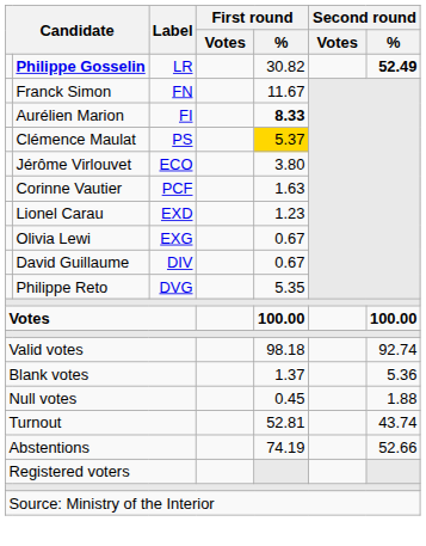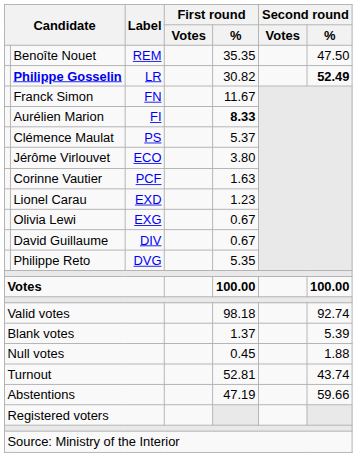 <table class="wikitable" style="text-align:right;font-size:95%;">
 <tr>
 <th rowspan="2" colspan="2">Candidate</th>
 <th rowspan="2">Label</th>
 <th colspan="2">First round</th>
 <th colspan="2">Second round</th>
 </tr>
 <tr>
 <th style="width:50px;">Votes</th>
 <th style="width:45px;">%</th>
 <th style="width:50px;">Votes</th>
 <th style="width:45px;">%</th>
+</tr>
+<tr>
+<td style="color:inherit;background:"></td>
+<td style="text-align:left;">Benoîte Nouet</td>
+<td><a href='#'>REM</a></td>
+<td></td>
+<td>35.35</td>
+<td></td>
+<td>47.50</td>
 </tr>
 <tr>
 <td style="color:inherit;background:"></td>
 <td style="text-align:left;"><strong><a href='#'>Philippe Gosselin</a></strong></td>
 <td><a href='#'>LR</a></td>
 <td></td>
 <td>30.82</td>
 <td><strong></strong></td>
 <td><strong>52.49</strong></td>
 </tr>
 <tr>
 <td style="color:inherit;background:"></td>
 <td style="text-align:left;">Franck Simon</td>
 <td><a href='#'>FN</a></td>
 <td></td>
 <td>11.67</td>
 <td colspan="2" rowspan="9" style="background:#E9E9E9;"></td>
 </tr>
 <tr>
 <td style="color:inherit;background:"></td>
 <td style="text-align:left;">Aurélien Marion</td>
 <td><a href='#'>FI</a></td>
 <td></td>
 <td><strong>8.33</strong></td>
 </tr>
 <tr>
 <td style="color:inherit;background:"></td>
 <td style="text-align:left;">Clémence Maulat</td>
 <td><a href='#'>PS</a></td>
 <td></td>
-<td style="background: gold;">5.37</td>
+<td>5.37</td>
 </tr>
 <tr>
 <td style="color:inherit;background:"></td>
 <td style="text-align:left;">Jérôme Virlouvet</td>
 <td><a href='#'>ECO</a></td>
 <td></td>
 <td>3.80</td>
 </tr>
 <tr>
 <td style="color:inherit;background:"></td>
 <td style="text-align:left;">Corinne Vautier</td>
 <td><a href='#'>PCF</a></td>
 <td></td>
 <td>1.63</td>
 </tr>
 <tr>
 <td style="color:inherit;background:"></td>
 <td style="text-align:left;">Lionel Carau</td>
 <td><a href='#'>EXD</a></td>
 <td></td>
 <td>1.23</td>
 </tr>
 <tr>
 <td style="color:inherit;background:"></td>
 <td style="text-align:left;">Olivia Lewi</td>
 <td><a href='#'>EXG</a></td>
 <td></td>
 <td>0.67</td>
 </tr>
 <tr>
 <td style="color:inherit;background:"></td>
 <td style="text-align:left;">David Guillaume</td>
 <td><a href='#'>DIV</a></td>
 <td></td>
 <td>0.67</td>
 </tr>
 <tr>
 <td style="color:inherit;background:"></td>
 <td style="text-align:left;">Philippe Reto</td>
 <td><a href='#'>DVG</a></td>
 <td></td>
 <td>5.35</td>
 </tr>
 <tr>
 <td colspan="7" style="background:#E9E9E9;"></td>
 </tr>
 <tr style="font-weight:bold;">
 <td colspan="3" style="text-align:left;">Votes</td>
 <td></td>
 <td>100.00</td>
 <td></td>
 <td>100.00</td>
 </tr>
 <tr>
 <td colspan="7" style="background:#E9E9E9;"></td>
 </tr>
 <tr>
 <td colspan="3" style="text-align:left;">Valid votes</td>
 <td></td>
 <td>98.18</td>
 <td></td>
 <td>92.74</td>
 </tr>
 <tr>
 <td colspan="3" style="text-align:left;">Blank votes</td>
 <td></td>
 <td>1.37</td>
 <td></td>
-<td>5.36</td>
+<td>5.39</td>
 </tr>
 <tr>
 <td colspan="3" style="text-align:left;">Null votes</td>
 <td></td>
 <td>0.45</td>
 <td></td>
 <td>1.88</td>
 </tr>
 <tr>
 <td colspan="3" style="text-align:left;">Turnout</td>
 <td></td>
 <td>52.81</td>
 <td></td>
 <td>43.74</td>
 </tr>
 <tr>
 <td colspan="3" style="text-align:left;">Abstentions</td>
 <td></td>
-<td>74.19</td>
+<td>47.19</td>
 <td></td>
-<td>52.66</td>
+<td>59.66</td>
 </tr>
 <tr>
 <td colspan="3" style="text-align:left;">Registered voters</td>
 <td></td>
 <td style="background:#E9E9E9;"></td>
 <td></td>
 <td style="background:#E9E9E9;"></td>
 </tr>
 <tr>
 <td colspan="7" style="background:#E9E9E9;"></td>
 </tr>
 <tr>
 <td colspan="7" style="text-align:left;">Source: Ministry of the Interior<br></td>
 </tr>
 </table>
